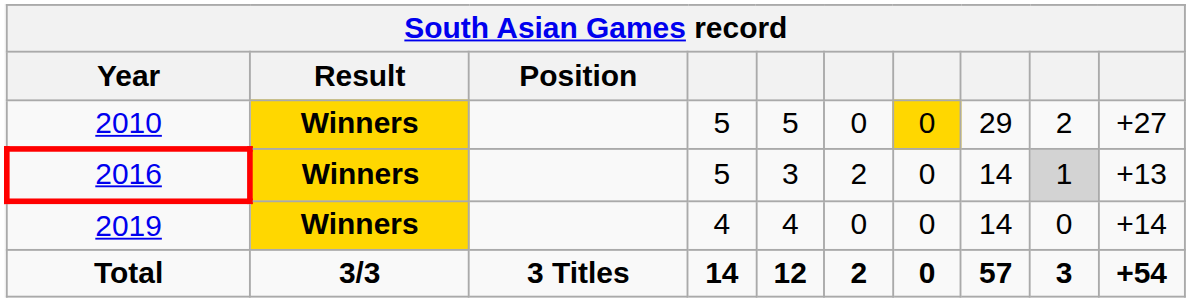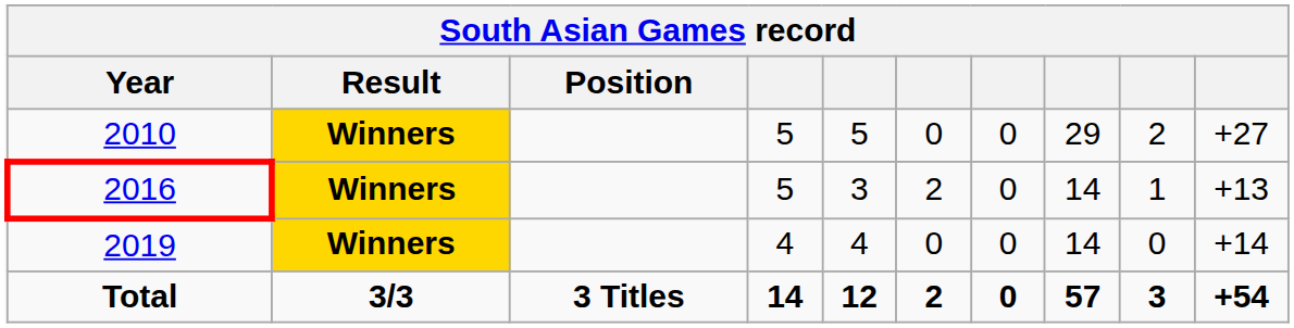 <table class="wikitable" style="text-align: center; width:50%;">
 <tr>
 <th colspan="10" #0000FF;><a href='#'>South Asian Games</a> record</th>
 </tr>
 <tr>
 <th style="width:90px;">Year</th>
 <th style="width:80px;">Result</th>
 <th style="width:80px;">Position</th>
 <th style="width:20px;"></th>
 <th style="width:20px;"></th>
 <th style="width:20px;"></th>
 <th style="width:20px;"></th>
 <th style="width:20px;"></th>
 <th style="width:20px;"></th>
 <th style="width:20px;"></th>
 </tr>
 <tr>
 <td> <a href='#'>2010</a></td>
 <td style="background:gold;"><strong>Winners</strong></td>
 <td></td>
 <td>5</td>
 <td>5</td>
 <td>0</td>
-<td style="background: gold;">0</td>
+<td>0</td>
 <td>29</td>
 <td>2</td>
 <td>+27</td>
 </tr>
 <tr>
 <td style="border: 3px solid red"> <a href='#'>2016</a></td>
 <td style="background:gold;"><strong>Winners</strong></td>
 <td></td>
 <td>5</td>
 <td>3</td>
 <td>2</td>
 <td>0</td>
 <td>14</td>
-<td style="background: lightgrey;">1</td>
+<td>1</td>
 <td>+13</td>
 </tr>
 <tr>
 <td> <a href='#'>2019</a></td>
 <td style="background:gold;"><strong>Winners</strong></td>
 <td></td>
 <td>4</td>
 <td>4</td>
 <td>0</td>
 <td>0</td>
 <td>14</td>
 <td>0</td>
 <td>+14</td>
 </tr>
 <tr>
 <td><strong>Total</strong></td>
 <td><strong>3/3</strong></td>
 <td><strong>3 Titles</strong></td>
 <td><strong>14</strong></td>
 <td><strong>12</strong></td>
 <td><strong>2</strong></td>
 <td><strong>0</strong></td>
 <td><strong>57</strong></td>
 <td><strong>3</strong></td>
 <td><strong>+54</strong></td>
 </tr>
 </table>
